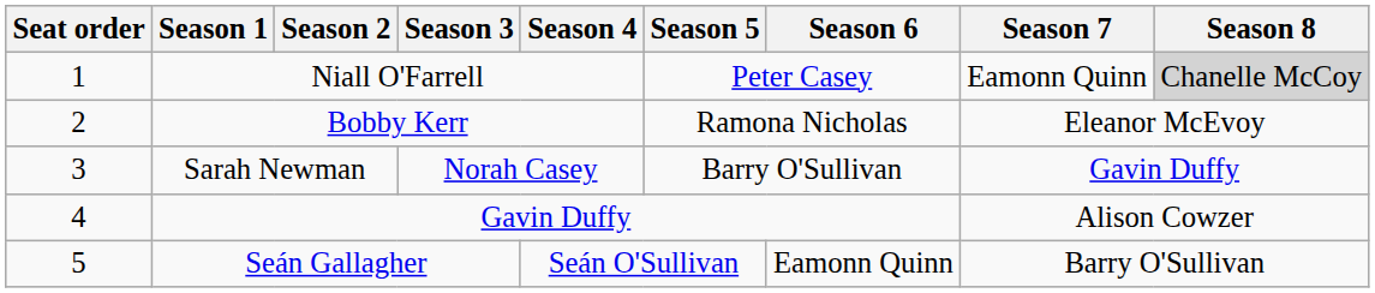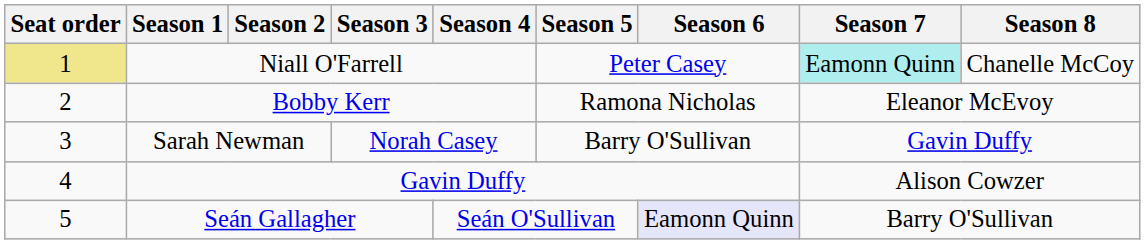 <table class="wikitable" style="text-align:center;">
 <tr>
 <th>Seat order</th>
 <th>Season 1</th>
 <th>Season 2</th>
 <th>Season 3</th>
 <th>Season 4</th>
 <th>Season 5</th>
 <th>Season 6</th>
 <th>Season 7</th>
 <th>Season 8</th>
 </tr>
 <tr>
-<td>1</td>
+<td style="background: khaki;">1</td>
 <td colspan="4">Niall O'Farrell</td>
 <td colspan="2"><a href='#'>Peter Casey</a></td>
-<td>Eamonn Quinn</td>
-<td style="background: lightgrey;">Chanelle McCoy</td>
+<td style="background: paleturquoise;">Eamonn Quinn</td>
+<td>Chanelle McCoy</td>
 </tr>
 <tr>
 <td>2</td>
 <td colspan="4"><a href='#'>Bobby Kerr</a></td>
 <td colspan="2">Ramona Nicholas</td>
 <td colspan="2">Eleanor McEvoy</td>
 </tr>
 <tr>
 <td>3</td>
 <td colspan="2">Sarah Newman</td>
 <td colspan="2"><a href='#'>Norah Casey</a></td>
 <td colspan="2">Barry O'Sullivan</td>
 <td colspan="2"><a href='#'>Gavin Duffy</a></td>
 </tr>
 <tr>
 <td>4</td>
 <td colspan="6"><a href='#'>Gavin Duffy</a></td>
 <td colspan="2">Alison Cowzer</td>
 </tr>
 <tr>
 <td>5</td>
 <td colspan="3"><a href='#'>Seán Gallagher</a></td>
 <td colspan="2"><a href='#'>Seán O'Sullivan</a></td>
-<td>Eamonn Quinn</td>
+<td style="background: lavender;">Eamonn Quinn</td>
 <td colspan="2">Barry O'Sullivan</td>
 </tr>
 </table>
